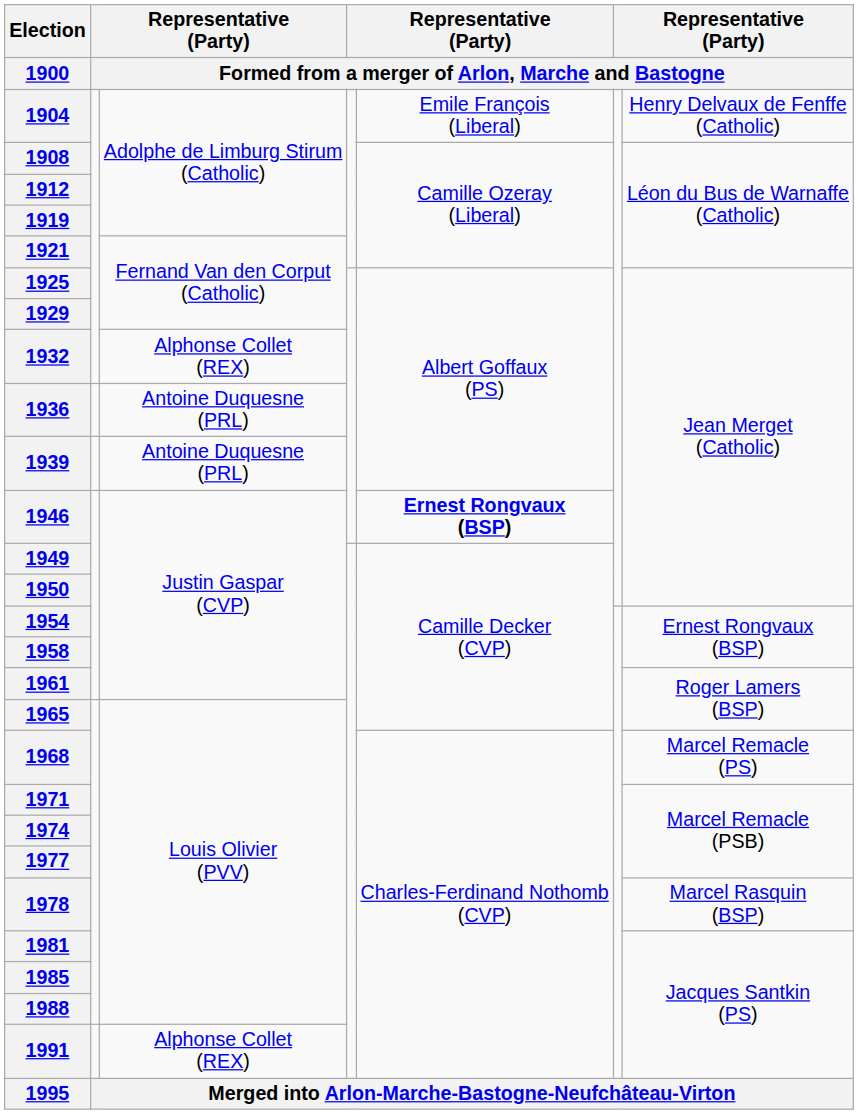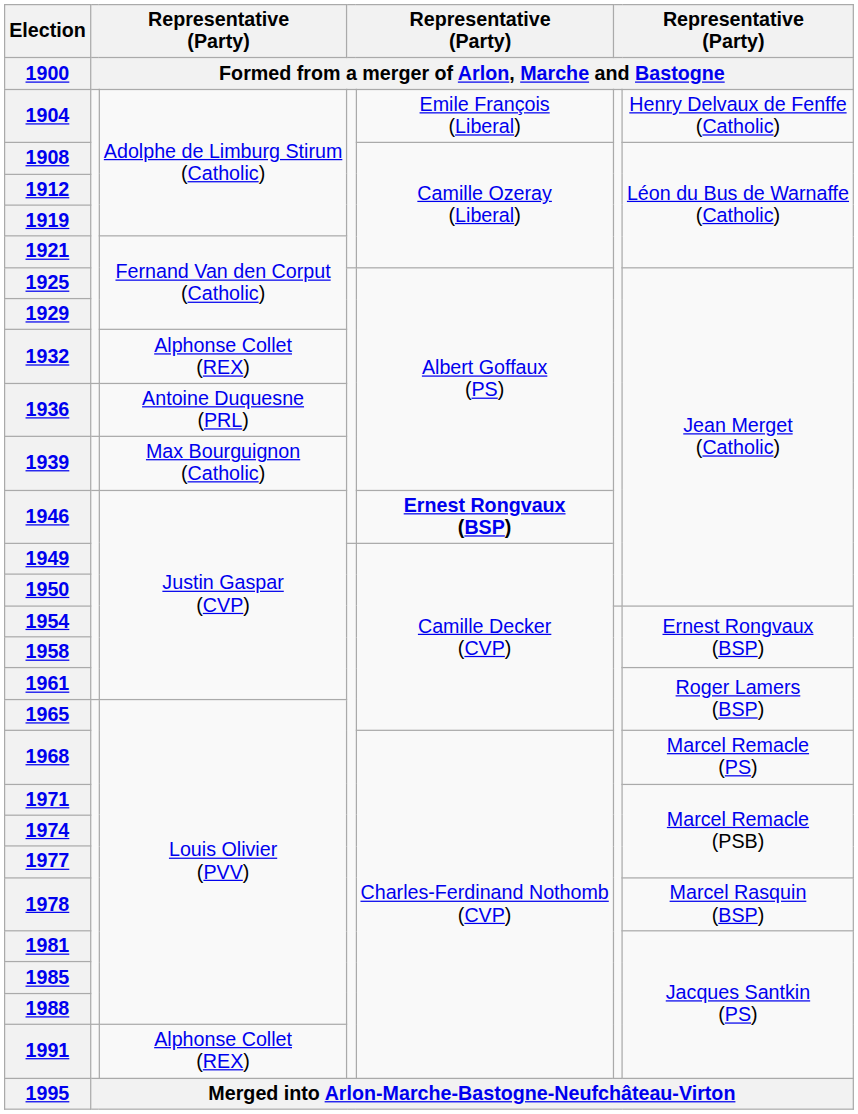 <table class="wikitable" style="text-align:center">
 <tr>
 <th>Election</th>
 <th colspan=2>Representative<br>(Party)</th>
 <th colspan=2>Representative<br>(Party)</th>
 <th colspan=2>Representative<br>(Party)</th>
 </tr>
 <tr>
 <th rowspan=2><a href='#'>1900</a></th>
 <th colspan=6>Formed from a merger of <a href='#'>Arlon</a>, <a href='#'>Marche</a> and <a href='#'>Bastogne</a></th>
 </tr>
 <tr>
 <td rowspan=9; style="background-color: "></td>
 <td rowspan=5><a href='#'>Adolphe de Limburg Stirum</a><br>(<a href='#'>Catholic</a>)</td>
 <td rowspan=6; style="background-color: "></td>
 <td rowspan=2><a href='#'>Emile François</a><br>(<a href='#'>Liberal</a>)</td>
 <td rowspan=14; style="background-color: "></td>
 <td rowspan=2><a href='#'>Henry Delvaux de Fenffe</a><br>(<a href='#'>Catholic</a>)</td>
 </tr>
 <tr>
 <th><a href='#'>1904</a></th>
 </tr>
 <tr>
 <th><a href='#'>1908</a></th>
 <td rowspan=4><a href='#'>Camille Ozeray</a><br>(<a href='#'>Liberal</a>)</td>
 <td rowspan=4><a href='#'>Léon du Bus de Warnaffe</a><br>(<a href='#'>Catholic</a>)</td>
 </tr>
 <tr>
 <th><a href='#'>1912</a></th>
 </tr>
 <tr>
 <th><a href='#'>1919</a></th>
 </tr>
 <tr>
 <th><a href='#'>1921</a></th>
 <td rowspan=3><a href='#'>Fernand Van den Corput</a><br>(<a href='#'>Catholic</a>)</td>
 </tr>
 <tr>
 <th><a href='#'>1925</a></th>
 <td rowspan=6; style="background-color: "></td>
 <td rowspan=5><a href='#'>Albert Goffaux</a><br>(<a href='#'>PS</a>)</td>
 <td rowspan=8><a href='#'>Jean Merget</a><br>(<a href='#'>Catholic</a>)</td>
 </tr>
 <tr>
 <th><a href='#'>1929</a></th>
 </tr>
 <tr>
 <th><a href='#'>1932</a></th>
 <td rowspan=1><a href='#'>Alphonse Collet</a><br>(<a href='#'>REX</a>)</td>
 </tr>
 <tr>
 <th><a href='#'>1936</a></th>
 <td rowspan=1; style="background-color: "></td>
 <td rowspan=1><a href='#'>Antoine Duquesne</a><br>(<a href='#'>PRL</a>)</td>
 </tr>
 <tr>
 <th><a href='#'>1939</a></th>
 <td rowspan=1; style="background-color: "></td>
-<td rowspan=1><a href='#'>Antoine Duquesne</a><br>(<a href='#'>PRL</a>)</td>
+<td rowspan=1><a href='#'>Max Bourguignon</a><br>(<a href='#'>Catholic</a>)</td>
 </tr>
 <tr>
 <th><a href='#'>1946</a></th>
 <td rowspan=6; style="background-color: "></td>
 <td rowspan=6><a href='#'>Justin Gaspar</a><br>(<a href='#'>CVP</a>)</td>
 <td rowspan=1><strong><a href='#'>Ernest Rongvaux</a><br>(<a href='#'>BSP</a>)</strong></td>
 </tr>
 <tr>
 <th><a href='#'>1949</a></th>
 <td rowspan=15; style="background-color: "></td>
 <td rowspan=6><a href='#'>Camille Decker</a><br>(<a href='#'>CVP</a>)</td>
 </tr>
 <tr>
 <th><a href='#'>1950</a></th>
 </tr>
 <tr>
 <th><a href='#'>1954</a></th>
 <td rowspan=13; style="background-color: "></td>
 <td rowspan=2><a href='#'>Ernest Rongvaux</a><br>(<a href='#'>BSP</a>)</td>
 </tr>
 <tr>
 <th><a href='#'>1958</a></th>
 </tr>
 <tr>
 <th><a href='#'>1961</a></th>
 <td rowspan=2><a href='#'>Roger Lamers</a><br>(<a href='#'>BSP</a>)</td>
 </tr>
 <tr>
 <th><a href='#'>1965</a></th>
 <td rowspan=9; style="background-color: "></td>
 <td rowspan=9><a href='#'>Louis Olivier</a><br>(<a href='#'>PVV</a>)</td>
 </tr>
 <tr>
 <th><a href='#'>1968</a></th>
 <td rowspan=9><a href='#'>Charles-Ferdinand Nothomb</a><br>(<a href='#'>CVP</a>)</td>
 <td rowspan=1><a href='#'>Marcel Remacle</a><br>(<a href='#'>PS</a>)</td>
 </tr>
 <tr>
 <th><a href='#'>1971</a></th>
 <td rowspan=3><a href='#'>Marcel Remacle</a><br>(PSB)</td>
 </tr>
 <tr>
 <th><a href='#'>1974</a></th>
 </tr>
 <tr>
 <th><a href='#'>1977</a></th>
 </tr>
 <tr>
 <th><a href='#'>1978</a></th>
 <td rowspan=1><a href='#'>Marcel Rasquin</a><br>(<a href='#'>BSP</a>)</td>
 </tr>
 <tr>
 <th><a href='#'>1981</a></th>
 <td rowspan=4><a href='#'>Jacques Santkin</a><br>(<a href='#'>PS</a>)</td>
 </tr>
 <tr>
 <th><a href='#'>1985</a></th>
 </tr>
 <tr>
 <th><a href='#'>1988</a></th>
 </tr>
 <tr>
 <th><a href='#'>1991</a></th>
 <td rowspan=1; style="background-color: "></td>
 <td rowspan=1><a href='#'>Alphonse Collet</a><br>(<a href='#'>REX</a>)</td>
 </tr>
 <tr>
 <th><a href='#'>1995</a></th>
 <th colspan=6>Merged into <a href='#'>Arlon-Marche-Bastogne-Neufchâteau-Virton</a></th>
 </tr>
 </table>
